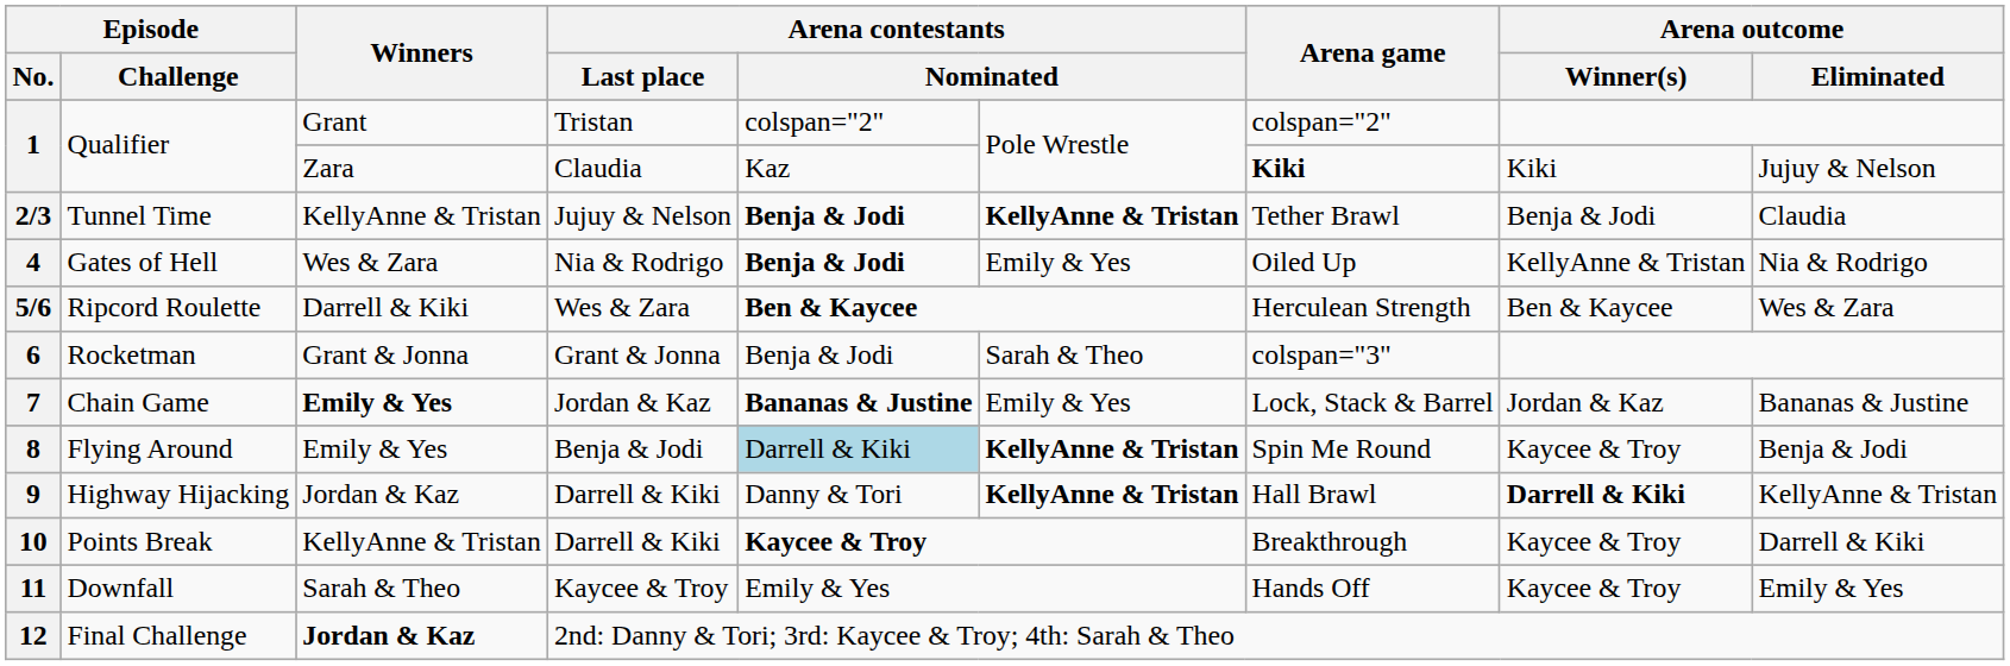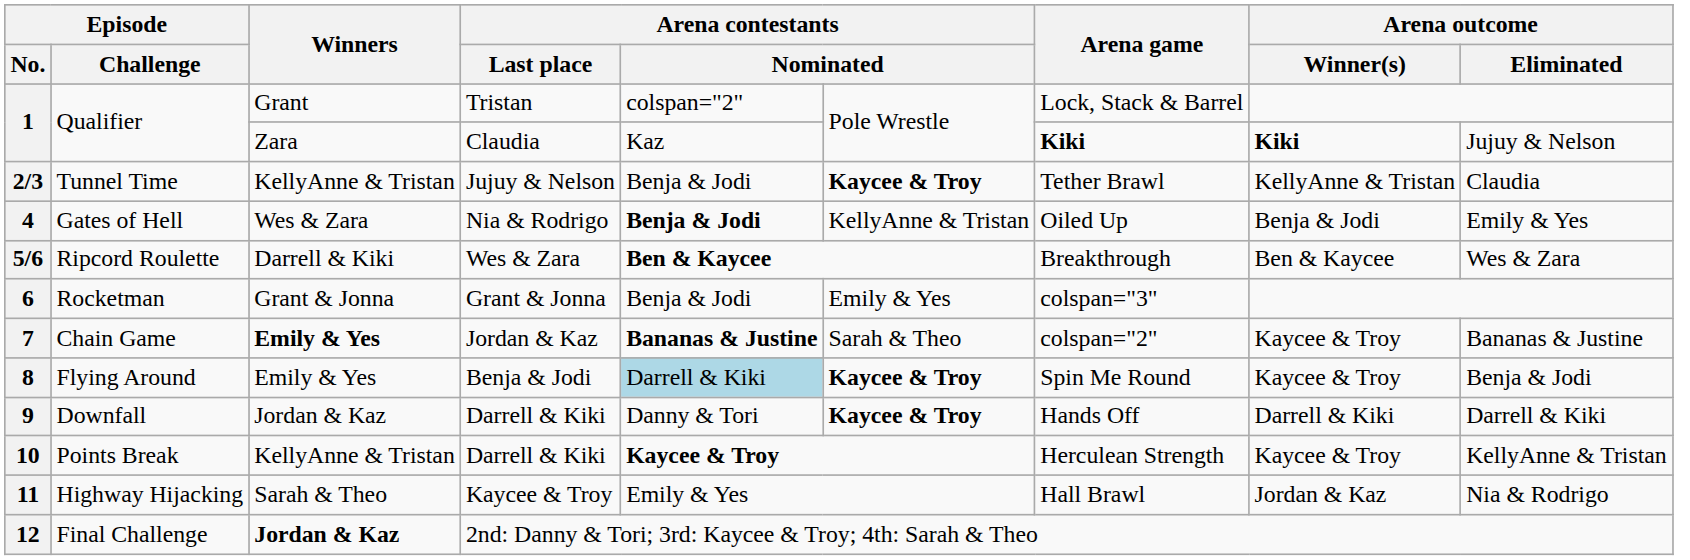 <table class="wikitable" style="font-size:90%; white-space:nowrap">
 <tr>
 <th colspan="2" scope="col">Episode</th>
 <th rowspan="2">Winners</th>
 <th colspan="3">Arena contestants</th>
 <th scope="col" rowspan="2">Arena game</th>
 <th colspan="2">Arena outcome</th>
 </tr>
 <tr>
 <th>No.</th>
 <th>Challenge</th>
 <th>Last place</th>
 <th colspan="2">Nominated</th>
 <th>Winner(s)</th>
 <th>Eliminated</th>
 </tr>
 <tr>
 <th rowspan="2">1</th>
 <td rowspan="2">Qualifier</td>
 <td>Grant</td>
 <td>Tristan</td>
 <td>colspan="2" </td>
 <td rowspan="2">Pole Wrestle</td>
-<td>colspan="2" </td>
+<td>Lock, Stack & Barrel</td>
 </tr>
 <tr>
 <td>Zara</td>
 <td>Claudia</td>
 <td>Kaz</td>
 <td><strong>Kiki</strong></td>
-<td>Kiki</td>
+<td><strong>Kiki</strong></td>
 <td>Jujuy & Nelson</td>
 </tr>
 <tr>
 <th>2/3</th>
 <td>Tunnel Time</td>
 <td>KellyAnne & Tristan</td>
 <td>Jujuy & Nelson</td>
-<td><strong>Benja & Jodi</strong></td>
-<td><strong>KellyAnne & Tristan</strong></td>
+<td>Benja & Jodi</td>
+<td><strong>Kaycee & Troy</strong></td>
 <td>Tether Brawl</td>
-<td>Benja & Jodi</td>
+<td>KellyAnne & Tristan</td>
 <td>Claudia</td>
 </tr>
 <tr>
 <th>4</th>
 <td>Gates of Hell</td>
 <td>Wes & Zara</td>
 <td>Nia & Rodrigo</td>
 <td><strong>Benja & Jodi</strong></td>
+<td>KellyAnne & Tristan</td>
+<td>Oiled Up</td>
+<td>Benja & Jodi</td>
 <td>Emily & Yes</td>
-<td>Oiled Up</td>
-<td>KellyAnne & Tristan</td>
-<td>Nia & Rodrigo</td>
 </tr>
 <tr>
 <th>5/6</th>
 <td>Ripcord Roulette</td>
 <td>Darrell & Kiki</td>
 <td>Wes & Zara</td>
 <td colspan="2"><strong>Ben & Kaycee</strong></td>
-<td>Herculean Strength</td>
+<td>Breakthrough</td>
 <td>Ben & Kaycee</td>
 <td>Wes & Zara</td>
 </tr>
 <tr>
 <th>6</th>
 <td>Rocketman</td>
 <td>Grant & Jonna</td>
 <td>Grant & Jonna</td>
 <td>Benja & Jodi</td>
-<td>Sarah & Theo</td>
+<td>Emily & Yes</td>
 <td>colspan="3" </td>
 </tr>
 <tr>
 <th>7</th>
 <td>Chain Game</td>
 <td><strong>Emily & Yes</strong></td>
 <td>Jordan & Kaz</td>
 <td><strong>Bananas & Justine</strong></td>
-<td>Emily & Yes</td>
-<td>Lock, Stack & Barrel</td>
-<td>Jordan & Kaz</td>
+<td>Sarah & Theo</td>
+<td>colspan="2" </td>
+<td>Kaycee & Troy</td>
 <td>Bananas & Justine</td>
 </tr>
 <tr>
 <th>8</th>
 <td>Flying Around</td>
 <td>Emily & Yes</td>
 <td>Benja & Jodi</td>
 <td style="background: lightblue;">Darrell & Kiki</td>
-<td><strong>KellyAnne & Tristan</strong></td>
+<td><strong>Kaycee & Troy</strong></td>
 <td>Spin Me Round</td>
 <td>Kaycee & Troy</td>
 <td>Benja & Jodi</td>
 </tr>
 <tr>
 <th>9</th>
-<td>Highway Hijacking</td>
+<td>Downfall</td>
 <td>Jordan & Kaz</td>
 <td>Darrell & Kiki</td>
 <td>Danny & Tori</td>
-<td><strong>KellyAnne & Tristan</strong></td>
-<td>Hall Brawl</td>
-<td><strong>Darrell & Kiki</strong></td>
-<td>KellyAnne & Tristan</td>
+<td><strong>Kaycee & Troy</strong></td>
+<td>Hands Off</td>
+<td>Darrell & Kiki</td>
+<td>Darrell & Kiki</td>
 </tr>
 <tr>
 <th>10</th>
 <td>Points Break</td>
 <td>KellyAnne & Tristan</td>
 <td>Darrell & Kiki</td>
 <td colspan="2"><strong>Kaycee & Troy</strong></td>
-<td>Breakthrough</td>
+<td>Herculean Strength</td>
 <td>Kaycee & Troy</td>
-<td>Darrell & Kiki</td>
+<td>KellyAnne & Tristan</td>
 </tr>
 <tr>
 <th>11</th>
-<td>Downfall</td>
+<td>Highway Hijacking</td>
 <td>Sarah & Theo</td>
 <td>Kaycee & Troy</td>
 <td colspan="2">Emily & Yes</td>
-<td>Hands Off</td>
-<td>Kaycee & Troy</td>
-<td>Emily & Yes</td>
+<td>Hall Brawl</td>
+<td>Jordan & Kaz</td>
+<td>Nia & Rodrigo</td>
 </tr>
 <tr>
 <th>12</th>
 <td>Final Challenge</td>
 <td><strong>Jordan & Kaz</strong></td>
 <td colspan="6">2nd: Danny & Tori; 3rd: Kaycee & Troy; 4th: Sarah & Theo</td>
 </tr>
 </table>
